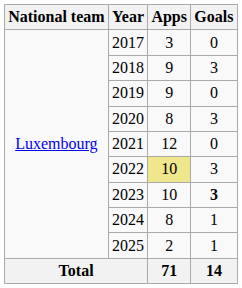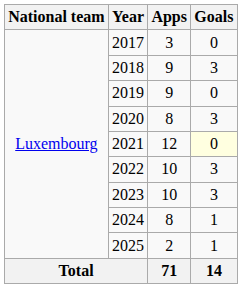 <table class=wikitable style="text-align: center">
 <tr>
 <th>National team</th>
 <th>Year</th>
 <th>Apps</th>
 <th>Goals</th>
 </tr>
 <tr>
 <td rowspan="9"><a href='#'>Luxembourg</a></td>
 <td>2017</td>
 <td>3</td>
 <td>0</td>
 </tr>
 <tr>
 <td>2018</td>
 <td>9</td>
 <td>3</td>
 </tr>
 <tr>
 <td>2019</td>
 <td>9</td>
 <td>0</td>
 </tr>
 <tr>
 <td>2020</td>
 <td>8</td>
 <td>3</td>
 </tr>
 <tr>
 <td>2021</td>
 <td>12</td>
-<td>0</td>
+<td style="background: lightyellow;">0</td>
 </tr>
 <tr>
 <td>2022</td>
-<td style="background: khaki;">10</td>
+<td>10</td>
 <td>3</td>
 </tr>
 <tr>
 <td>2023</td>
 <td>10</td>
-<td><strong>3</strong></td>
+<td>3</td>
 </tr>
 <tr>
 <td>2024</td>
 <td>8</td>
 <td>1</td>
 </tr>
 <tr>
 <td>2025</td>
 <td>2</td>
 <td>1</td>
 </tr>
 <tr>
 <th colspan="2">Total</th>
 <th>71</th>
 <th>14</th>
 </tr>
 </table>
